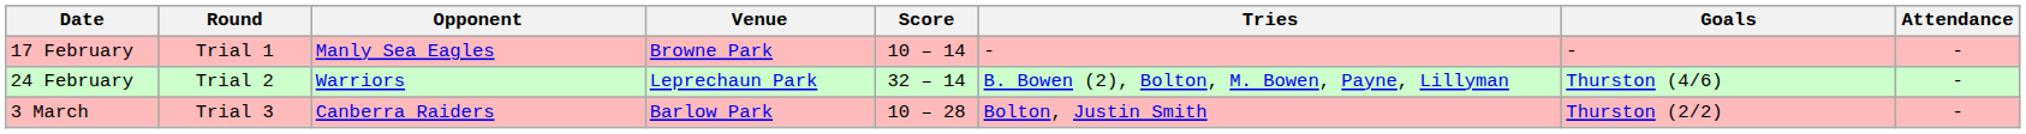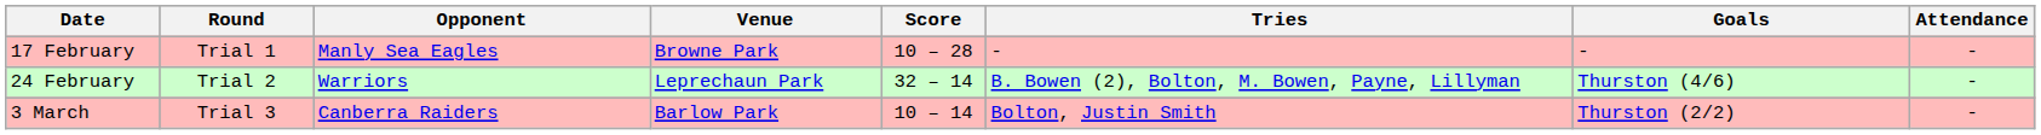 <table class="wikitable" style="font-size:75%;">
 <tr>
 <th style="width:75px;">Date</th>
 <th style="width:75px;">Round</th>
 <th style="width:170px;">Opponent</th>
 <th style="width:115px;">Venue</th>
 <th style="width:50px;">Score</th>
 <th style="width:300px;">Tries</th>
 <th style="width:170px;">Goals</th>
 <th style="width:60px;">Attendance</th>
 </tr>
 <tr style="background:#FFBBBB">
 <td>17 February</td>
 <td style="text-align:center;">Trial 1</td>
 <td> <a href='#'>Manly Sea Eagles</a></td>
 <td><a href='#'>Browne Park</a></td>
-<td style="text-align:center;">10 – 14</td>
+<td style="text-align:center;">10 – 28</td>
 <td>-</td>
 <td>-</td>
 <td style="text-align:center;">-</td>
 </tr>
 <tr style="background:#CCFFCC">
 <td>24 February</td>
 <td style="text-align:center;">Trial 2</td>
 <td> <a href='#'>Warriors</a></td>
 <td><a href='#'>Leprechaun Park</a></td>
 <td style="text-align:center;">32 – 14</td>
 <td><a href='#'>B. Bowen</a> (2), <a href='#'>Bolton</a>, <a href='#'>M. Bowen</a>, <a href='#'>Payne</a>, <a href='#'>Lillyman</a></td>
 <td><a href='#'>Thurston</a> (4/6)</td>
 <td style="text-align:center;">-</td>
 </tr>
 <tr style="background:#FFBBBB">
 <td>3 March</td>
 <td style="text-align:center;">Trial 3</td>
 <td> <a href='#'>Canberra Raiders</a></td>
 <td><a href='#'>Barlow Park</a></td>
-<td style="text-align:center;">10 – 28</td>
+<td style="text-align:center;">10 – 14</td>
 <td><a href='#'>Bolton</a>, <a href='#'>Justin Smith</a></td>
 <td><a href='#'>Thurston</a> (2/2)</td>
 <td style="text-align:center;">-</td>
 </tr>
 </table>
